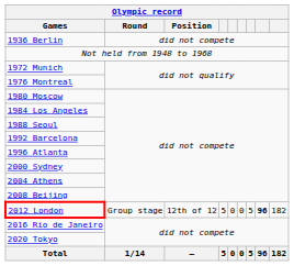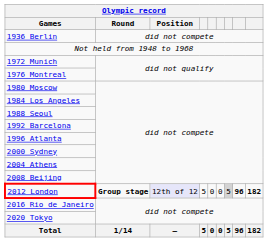 <table class="wikitable" style="text-align:center; font-size:90%;">
 <tr>
 <th colspan=9><a href='#'>Olympic record</a></th>
 </tr>
 <tr>
 <th>Games</th>
 <th>Round</th>
 <th>Position</th>
 <th></th>
 <th></th>
 <th></th>
 <th></th>
 <th></th>
 <th></th>
 </tr>
 <tr>
 <td align=left> <a href='#'>1936 Berlin</a></td>
 <td colspan=8><em>did not compete</em></td>
 </tr>
 <tr>
 <td colspan=9><em>Not held from 1948 to 1968</em></td>
 </tr>
 <tr>
 <td align=left> <a href='#'>1972 Munich</a></td>
 <td rowspan=2 colspan=8><em>did not qualify</em></td>
 </tr>
 <tr>
 <td align=left> <a href='#'>1976 Montreal</a></td>
 </tr>
 <tr>
 <td align=left> <a href='#'>1980 Moscow</a></td>
 <td colspan=8 rowspan=8><em>did not compete</em></td>
 </tr>
 <tr>
 <td align=left> <a href='#'>1984 Los Angeles</a></td>
 </tr>
 <tr>
 <td align=left> <a href='#'>1988 Seoul</a></td>
 </tr>
 <tr>
 <td align=left> <a href='#'>1992 Barcelona</a></td>
 </tr>
 <tr>
 <td align=left> <a href='#'>1996 Atlanta</a></td>
 </tr>
 <tr>
 <td align=left> <a href='#'>2000 Sydney</a></td>
 </tr>
 <tr>
 <td align=left> <a href='#'>2004 Athens</a></td>
 </tr>
 <tr>
 <td align=left> <a href='#'>2008 Beijing</a></td>
 </tr>
 <tr>
 <td align=left style="border: 3px solid red"> <a href='#'>2012 London</a></td>
-<td>Group stage</td>
-<td>12th of 12</td>
+<td><strong>Group stage</strong></td>
+<td style="background: lavender;">12th of 12</td>
 <td>5</td>
 <td>0</td>
 <td>0</td>
-<td>5</td>
+<td style="background: lightgrey;">5</td>
 <td><strong>96</strong></td>
-<td>182</td>
+<td><strong>182</strong></td>
 </tr>
 <tr>
 <td align=left> <a href='#'>2016 Rio de Janeiro</a></td>
 <td colspan=8 rowspan=2><em>did not compete</em></td>
 </tr>
 <tr>
 <td align=left> <a href='#'>2020 Tokyo</a></td>
 </tr>
 <tr>
 <th>Total</th>
 <th>1/14</th>
 <th>–</th>
 <th>5</th>
 <th>0</th>
 <th>0</th>
 <th>5</th>
 <th>96</th>
 <th>182</th>
 </tr>
 </table>
